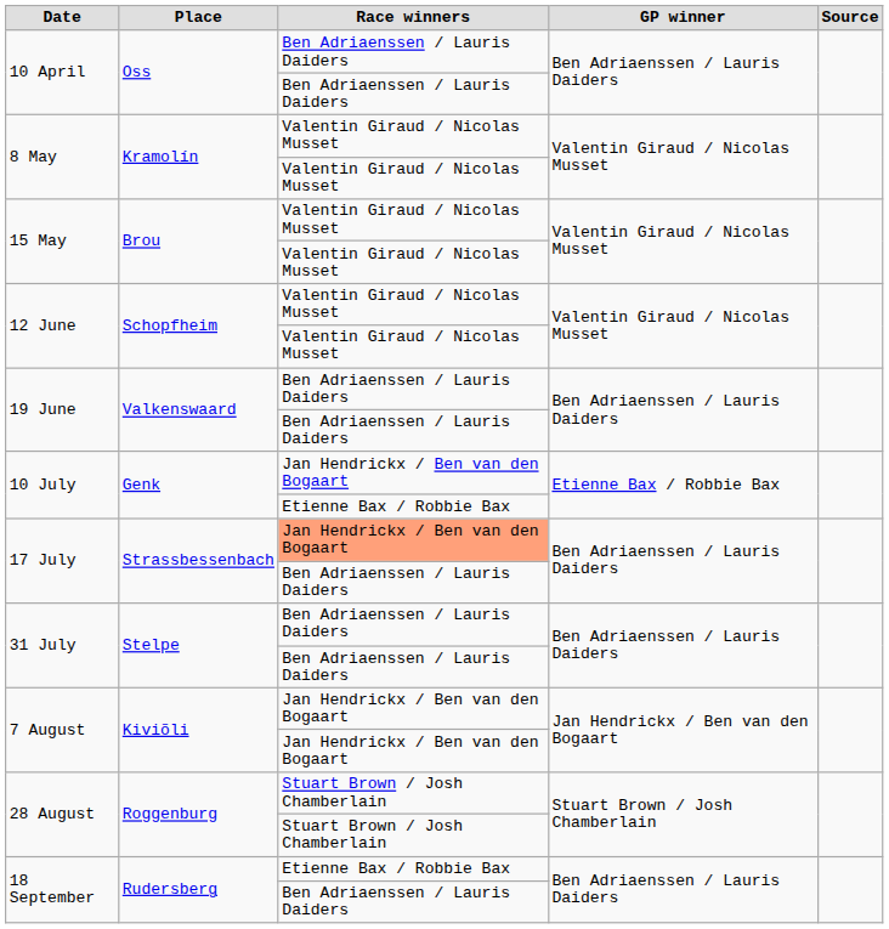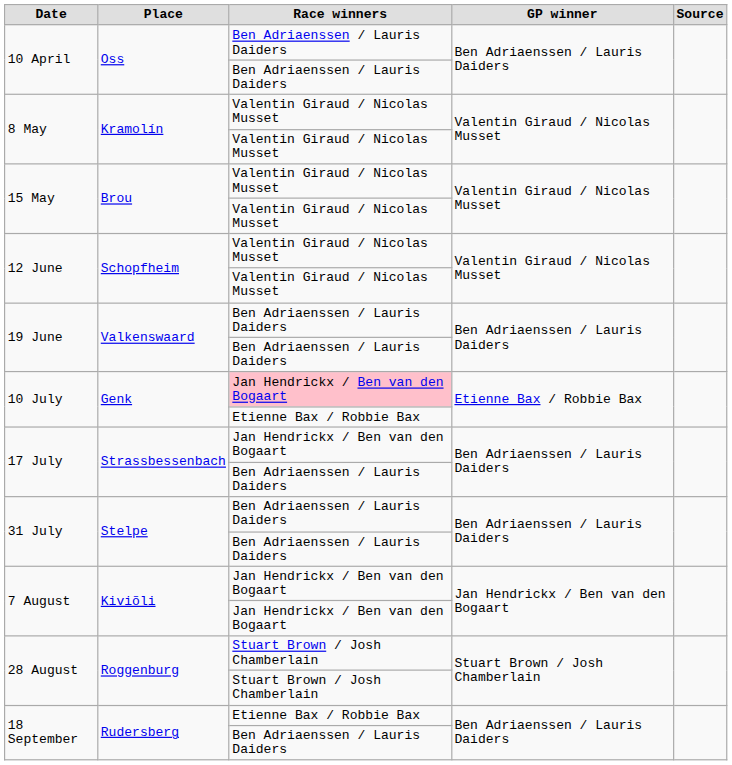 <table class="wikitable" style="font-size: 85%;">
 <tr align="center" style="background:#dfdfdf;">
 <td><strong>Date</strong></td>
 <td><strong>Place</strong></td>
 <td><strong>Race winners</strong></td>
 <td><strong>GP winner</strong></td>
 <td><strong>Source</strong></td>
 </tr>
 <tr>
 <td rowspan=2>10 April</td>
 <td rowspan=2> <a href='#'>Oss</a></td>
 <td> <a href='#'>Ben Adriaenssen</a> /  Lauris Daiders</td>
 <td rowspan=2> Ben Adriaenssen /  Lauris Daiders</td>
 <td rowspan=2></td>
 </tr>
 <tr>
 <td> Ben Adriaenssen /  Lauris Daiders</td>
 </tr>
 <tr>
 <td rowspan=2>8 May</td>
 <td rowspan=2> <a href='#'>Kramolín</a></td>
 <td> Valentin Giraud / Nicolas Musset</td>
 <td rowspan=2> Valentin Giraud / Nicolas Musset</td>
 <td rowspan=2></td>
 </tr>
 <tr>
 <td> Valentin Giraud / Nicolas Musset</td>
 </tr>
 <tr>
 <td rowspan=2>15 May</td>
 <td rowspan=2> <a href='#'>Brou</a></td>
 <td> Valentin Giraud / Nicolas Musset</td>
 <td rowspan=2> Valentin Giraud / Nicolas Musset</td>
 <td rowspan=2></td>
 </tr>
 <tr>
 <td> Valentin Giraud / Nicolas Musset</td>
 </tr>
 <tr>
 <td rowspan=2>12 June</td>
 <td rowspan=2> <a href='#'>Schopfheim</a></td>
 <td> Valentin Giraud / Nicolas Musset</td>
 <td rowspan=2> Valentin Giraud / Nicolas Musset</td>
 <td rowspan=2></td>
 </tr>
 <tr>
 <td> Valentin Giraud / Nicolas Musset</td>
 </tr>
 <tr>
 <td rowspan=2>19 June</td>
 <td rowspan=2> <a href='#'>Valkenswaard</a></td>
 <td> Ben Adriaenssen /  Lauris Daiders</td>
 <td rowspan=2> Ben Adriaenssen /  Lauris Daiders</td>
 <td rowspan=2></td>
 </tr>
 <tr>
 <td> Ben Adriaenssen /  Lauris Daiders</td>
 </tr>
 <tr>
 <td rowspan=2>10 July</td>
 <td rowspan=2> <a href='#'>Genk</a></td>
-<td> Jan Hendrickx /  <a href='#'>Ben van den Bogaart</a></td>
+<td style="background: pink;"> Jan Hendrickx /  <a href='#'>Ben van den Bogaart</a></td>
 <td rowspan=2> <a href='#'>Etienne Bax</a> / Robbie Bax</td>
 <td rowspan=2></td>
 </tr>
 <tr>
 <td> Etienne Bax / Robbie Bax</td>
 </tr>
 <tr>
 <td rowspan=2>17 July</td>
 <td rowspan=2> <a href='#'>Strassbessenbach</a></td>
-<td style="background: lightsalmon;"> Jan Hendrickx /  Ben van den Bogaart</td>
+<td> Jan Hendrickx /  Ben van den Bogaart</td>
 <td rowspan=2> Ben Adriaenssen /  Lauris Daiders</td>
 <td rowspan=2></td>
 </tr>
 <tr>
 <td> Ben Adriaenssen /  Lauris Daiders</td>
 </tr>
 <tr>
 <td rowspan=2>31 July</td>
 <td rowspan=2> <a href='#'>Stelpe</a></td>
 <td> Ben Adriaenssen /  Lauris Daiders</td>
 <td rowspan=2> Ben Adriaenssen /  Lauris Daiders</td>
 <td rowspan=2></td>
 </tr>
 <tr>
 <td> Ben Adriaenssen /  Lauris Daiders</td>
 </tr>
 <tr>
 <td rowspan=2>7 August</td>
 <td rowspan=2> <a href='#'>Kiviõli</a></td>
 <td> Jan Hendrickx /  Ben van den Bogaart</td>
 <td rowspan=2> Jan Hendrickx /  Ben van den Bogaart</td>
 <td rowspan=2></td>
 </tr>
 <tr>
 <td> Jan Hendrickx /  Ben van den Bogaart</td>
 </tr>
 <tr>
 <td rowspan=2>28 August</td>
 <td rowspan=2> <a href='#'>Roggenburg</a></td>
 <td> <a href='#'>Stuart Brown</a> / Josh Chamberlain</td>
 <td rowspan=2> Stuart Brown / Josh Chamberlain</td>
 <td rowspan=2></td>
 </tr>
 <tr>
 <td> Stuart Brown / Josh Chamberlain</td>
 </tr>
 <tr>
 <td rowspan=2>18 September</td>
 <td rowspan=2> <a href='#'>Rudersberg</a></td>
 <td> Etienne Bax / Robbie Bax</td>
 <td rowspan=2> Ben Adriaenssen /  Lauris Daiders</td>
 <td rowspan=2></td>
 </tr>
 <tr>
 <td> Ben Adriaenssen /  Lauris Daiders</td>
 </tr>
 </table>
